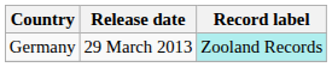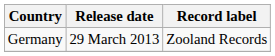 <table class="wikitable">
 <tr>
 <th>Country</th>
 <th>Release date</th>
 <th>Record label</th>
 </tr>
 <tr>
 <td>Germany</td>
 <td>29 March 2013</td>
-<td style="background: paleturquoise;">Zooland Records</td>
+<td>Zooland Records</td>
 </tr>
 <tr>
 </tr>
 </table>
